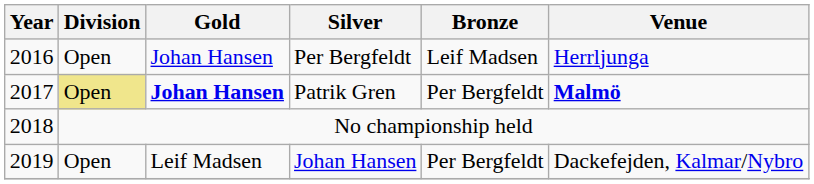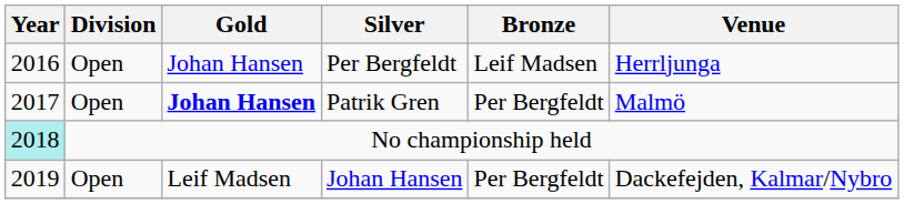 <table class="wikitable sortable" style="text-align: left;">
 <tr>
 <th>Year</th>
 <th>Division</th>
 <th> Gold</th>
 <th> Silver</th>
 <th> Bronze</th>
 <th>Venue</th>
 </tr>
 <tr>
 <td>2016</td>
 <td>Open</td>
 <td> <a href='#'>Johan Hansen</a></td>
 <td> Per Bergfeldt</td>
 <td> Leif Madsen</td>
 <td><a href='#'>Herrljunga</a></td>
 </tr>
 <tr>
 <td>2017</td>
-<td style="background: khaki;">Open</td>
+<td>Open</td>
 <td><strong> <a href='#'>Johan Hansen</a></strong></td>
 <td> Patrik Gren</td>
 <td> Per Bergfeldt</td>
-<td><strong><a href='#'>Malmö</a></strong></td>
+<td><a href='#'>Malmö</a></td>
 </tr>
 <tr>
-<td>2018</td>
+<td style="background: paleturquoise;">2018</td>
 <td colspan=5 style="text-align:center">No championship held</td>
 </tr>
 <tr>
 <td>2019</td>
 <td>Open</td>
 <td> Leif Madsen</td>
 <td> <a href='#'>Johan Hansen</a></td>
 <td> Per Bergfeldt</td>
 <td>Dackefejden, <a href='#'>Kalmar</a>/<a href='#'>Nybro</a></td>
 </tr>
 <tr>
 </tr>
 </table>
